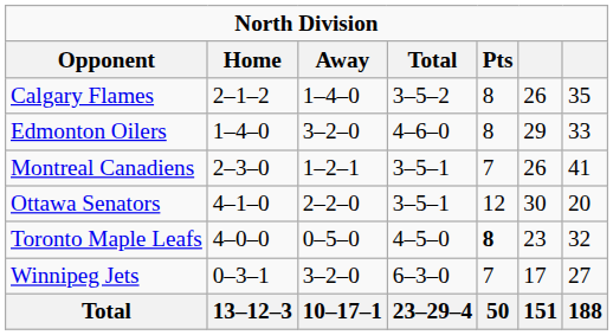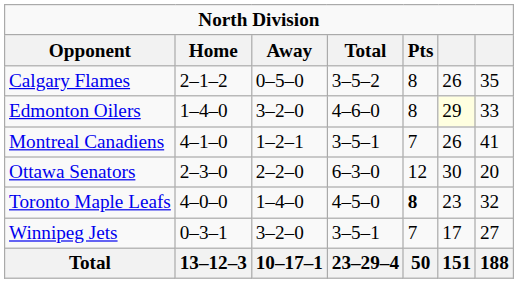 <table class="wikitable" text-align:center;">
 <tr>
 <td colspan="7" style="text-align:center;"><strong>North Division</strong></td>
 </tr>
 <tr>
 <th>Opponent</th>
 <th>Home</th>
 <th>Away</th>
 <th>Total</th>
 <th>Pts</th>
 <th></th>
 <th></th>
 </tr>
 <tr>
 <td style="text-align:left;"><a href='#'>Calgary Flames</a></td>
 <td>2–1–2</td>
-<td>1–4–0</td>
+<td>0–5–0</td>
 <td>3–5–2</td>
 <td>8</td>
 <td>26</td>
 <td>35</td>
 </tr>
 <tr>
 <td style="text-align:left;"><a href='#'>Edmonton Oilers</a></td>
 <td>1–4–0</td>
 <td>3–2–0</td>
 <td>4–6–0</td>
 <td>8</td>
-<td>29</td>
+<td style="background: lightyellow;">29</td>
 <td>33</td>
 </tr>
 <tr>
 <td style="text-align:left;"><a href='#'>Montreal Canadiens</a></td>
-<td>2–3–0</td>
+<td>4–1–0</td>
 <td>1–2–1</td>
 <td>3–5–1</td>
 <td>7</td>
 <td>26</td>
 <td>41</td>
 </tr>
 <tr>
 <td style="text-align:left;"><a href='#'>Ottawa Senators</a></td>
-<td>4–1–0</td>
+<td>2–3–0</td>
 <td>2–2–0</td>
-<td>3–5–1</td>
+<td>6–3–0</td>
 <td>12</td>
 <td>30</td>
 <td>20</td>
 </tr>
 <tr>
 <td style="text-align:left;"><a href='#'>Toronto Maple Leafs</a></td>
 <td>4–0–0</td>
-<td>0–5–0</td>
+<td>1–4–0</td>
 <td>4–5–0</td>
 <td><strong>8</strong></td>
 <td>23</td>
 <td>32</td>
 </tr>
 <tr>
 <td style="text-align:left;"><a href='#'>Winnipeg Jets</a></td>
 <td>0–3–1</td>
 <td>3–2–0</td>
-<td>6–3–0</td>
+<td>3–5–1</td>
 <td>7</td>
 <td>17</td>
 <td>27</td>
 </tr>
 <tr>
 <th>Total</th>
 <th>13–12–3</th>
 <th>10–17–1</th>
 <th>23–29–4</th>
 <th>50</th>
 <th>151</th>
 <th>188</th>
 </tr>
 </table>
